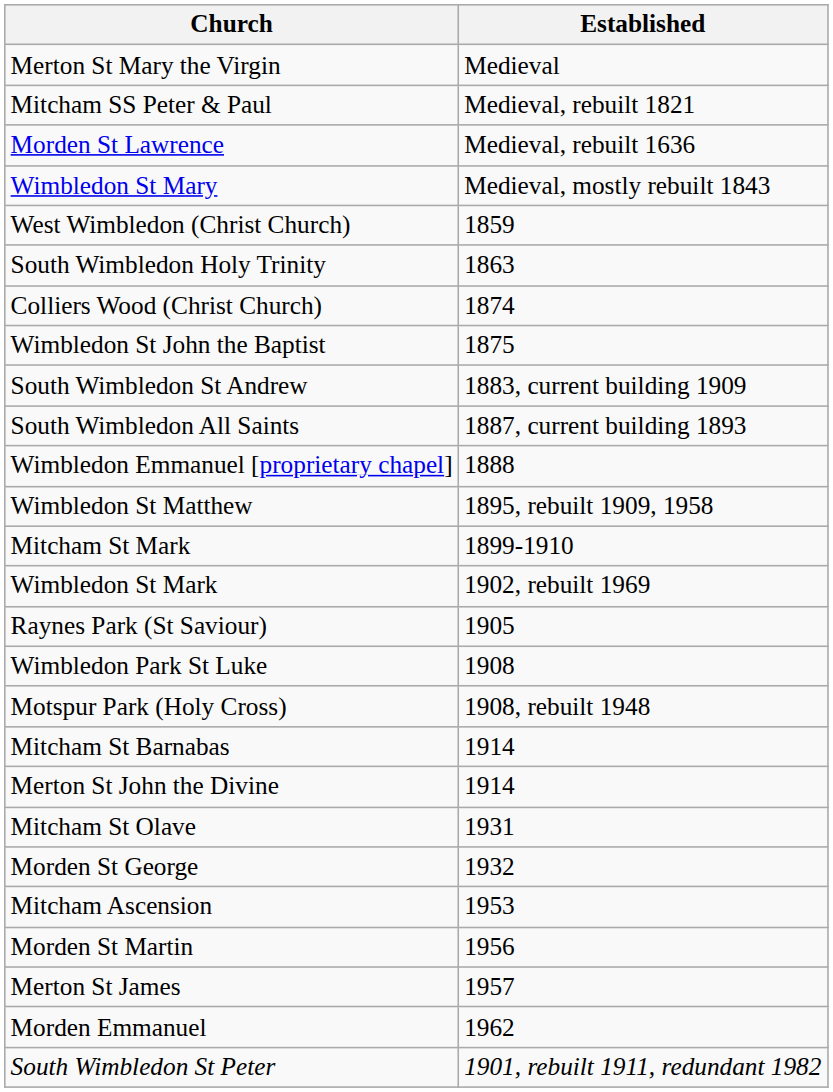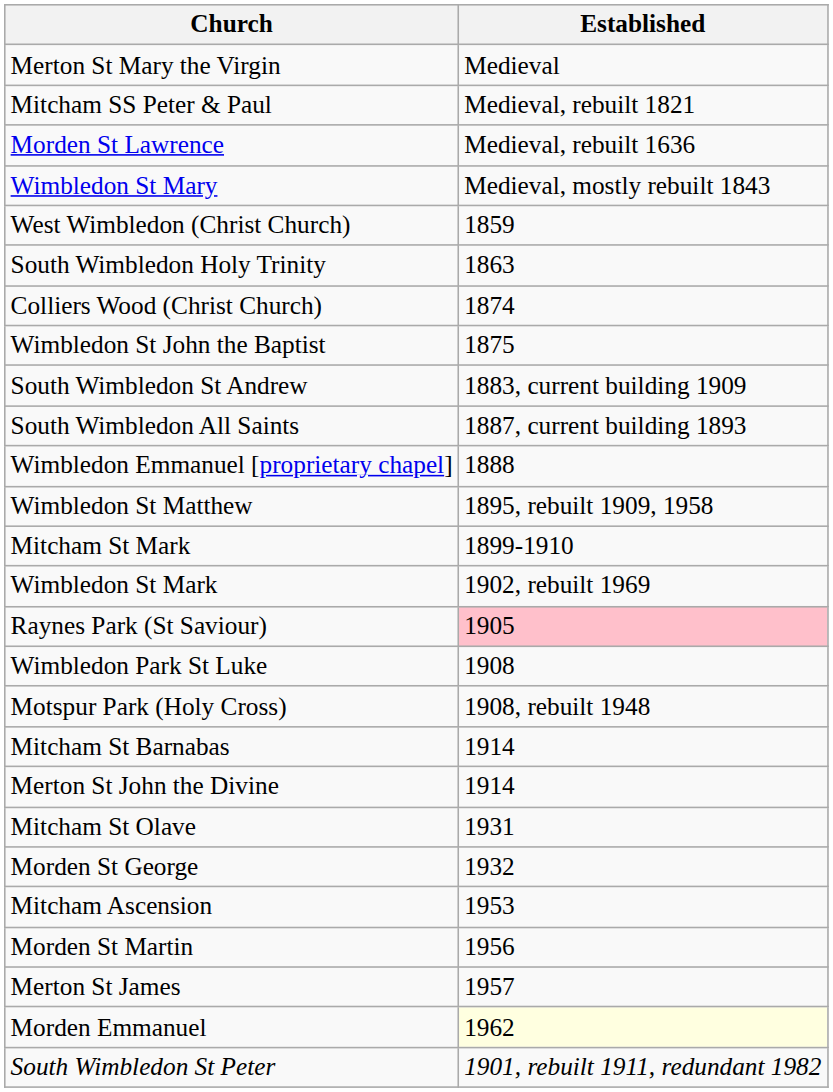 <table class="wikitable">
 <tr>
 <th>Church</th>
 <th>Established</th>
 </tr>
 <tr>
 <td>Merton St Mary the Virgin</td>
 <td>Medieval</td>
 </tr>
 <tr>
 <td>Mitcham SS Peter & Paul</td>
 <td>Medieval, rebuilt 1821</td>
 </tr>
 <tr>
 <td><a href='#'>Morden St Lawrence</a></td>
 <td>Medieval, rebuilt 1636</td>
 </tr>
 <tr>
 <td><a href='#'>Wimbledon St Mary</a></td>
 <td>Medieval, mostly rebuilt 1843</td>
 </tr>
 <tr>
 <td>West Wimbledon (Christ Church)</td>
 <td>1859</td>
 </tr>
 <tr>
 <td>South Wimbledon Holy Trinity</td>
 <td>1863</td>
 </tr>
 <tr>
 <td>Colliers Wood (Christ Church)</td>
 <td>1874</td>
 </tr>
 <tr>
 <td>Wimbledon St John the Baptist</td>
 <td>1875</td>
 </tr>
 <tr>
 <td>South Wimbledon St Andrew</td>
 <td>1883, current building 1909</td>
 </tr>
 <tr>
 <td>South Wimbledon All Saints</td>
 <td>1887, current building 1893</td>
 </tr>
 <tr>
 <td>Wimbledon Emmanuel [<a href='#'>proprietary chapel</a>]</td>
 <td>1888</td>
 </tr>
 <tr>
 <td>Wimbledon St Matthew</td>
 <td>1895, rebuilt 1909, 1958</td>
 </tr>
 <tr>
 <td>Mitcham St Mark</td>
 <td>1899-1910</td>
 </tr>
 <tr>
 <td>Wimbledon St Mark</td>
 <td>1902, rebuilt 1969</td>
 </tr>
 <tr>
 <td>Raynes Park (St Saviour)</td>
-<td>1905</td>
+<td style="background: pink;">1905</td>
 </tr>
 <tr>
 <td>Wimbledon Park St Luke</td>
 <td>1908</td>
 </tr>
 <tr>
 <td>Motspur Park (Holy Cross)</td>
 <td>1908, rebuilt 1948</td>
 </tr>
 <tr>
 <td>Mitcham St Barnabas</td>
 <td>1914</td>
 </tr>
 <tr>
 <td>Merton St John the Divine</td>
 <td>1914</td>
 </tr>
 <tr>
 <td>Mitcham St Olave</td>
 <td>1931</td>
 </tr>
 <tr>
 <td>Morden St George</td>
 <td>1932</td>
 </tr>
 <tr>
 <td>Mitcham Ascension</td>
 <td>1953</td>
 </tr>
 <tr>
 <td>Morden St Martin</td>
 <td>1956</td>
 </tr>
 <tr>
 <td>Merton St James</td>
 <td>1957</td>
 </tr>
 <tr>
 <td>Morden Emmanuel</td>
-<td>1962</td>
+<td style="background: lightyellow;">1962</td>
 </tr>
 <tr>
 <td><em>South Wimbledon St Peter</em></td>
 <td><em>1901, rebuilt 1911, redundant 1982</em></td>
 </tr>
 </table>
